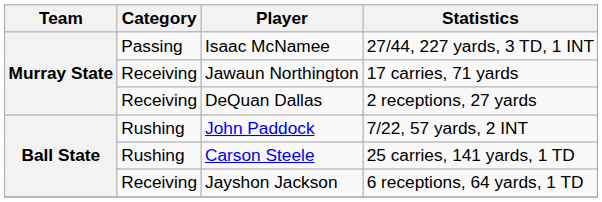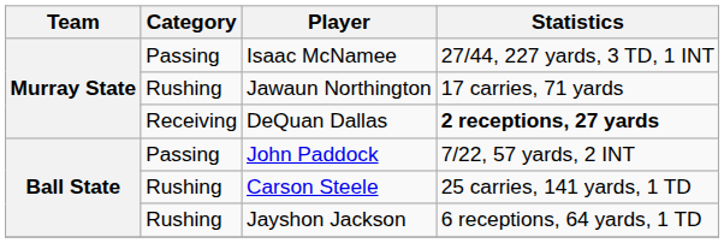 <table class="wikitable" style="float: left;">
 <tr>
 <th>Team</th>
 <th>Category</th>
 <th>Player</th>
 <th>Statistics</th>
 </tr>
 <tr>
 <th rowspan=3>Murray State</th>
 <td>Passing</td>
 <td>Isaac McNamee</td>
 <td>27/44, 227 yards, 3 TD, 1 INT</td>
 </tr>
 <tr>
-<td>Receiving</td>
+<td>Rushing</td>
 <td>Jawaun Northington</td>
 <td>17 carries, 71 yards</td>
 </tr>
 <tr>
 <td>Receiving</td>
 <td>DeQuan Dallas</td>
-<td>2 receptions, 27 yards</td>
+<td><strong>2 receptions, 27 yards</strong></td>
 </tr>
 <tr>
 <th rowspan=3 style=>Ball State</th>
-<td>Rushing</td>
+<td>Passing</td>
 <td><a href='#'>John Paddock</a></td>
 <td>7/22, 57 yards, 2 INT</td>
 </tr>
 <tr>
 <td>Rushing</td>
 <td><a href='#'>Carson Steele</a></td>
 <td>25 carries, 141 yards, 1 TD</td>
 </tr>
 <tr>
-<td>Receiving</td>
+<td>Rushing</td>
 <td>Jayshon Jackson</td>
 <td>6 receptions, 64 yards, 1 TD</td>
 </tr>
 <tr>
 </tr>
 </table>
